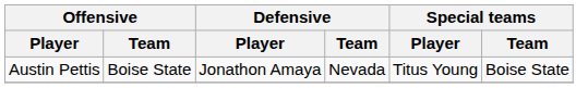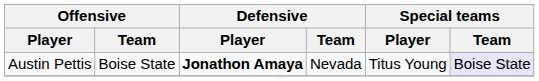 <table class="wikitable" border="1">
 <tr>
 <th colspan="2">Offensive</th>
 <th colspan="2">Defensive</th>
 <th colspan="2">Special teams</th>
 </tr>
 <tr>
 <th>Player</th>
 <th>Team</th>
 <th>Player</th>
 <th>Team</th>
 <th>Player</th>
 <th>Team</th>
 </tr>
 <tr>
 <td>Austin Pettis</td>
 <td>Boise State</td>
-<td>Jonathon Amaya</td>
+<td><strong>Jonathon Amaya</strong></td>
 <td>Nevada</td>
 <td>Titus Young</td>
-<td>Boise State</td>
+<td style="background: lavender;">Boise State</td>
 </tr>
 <tr>
 </tr>
 </table>
